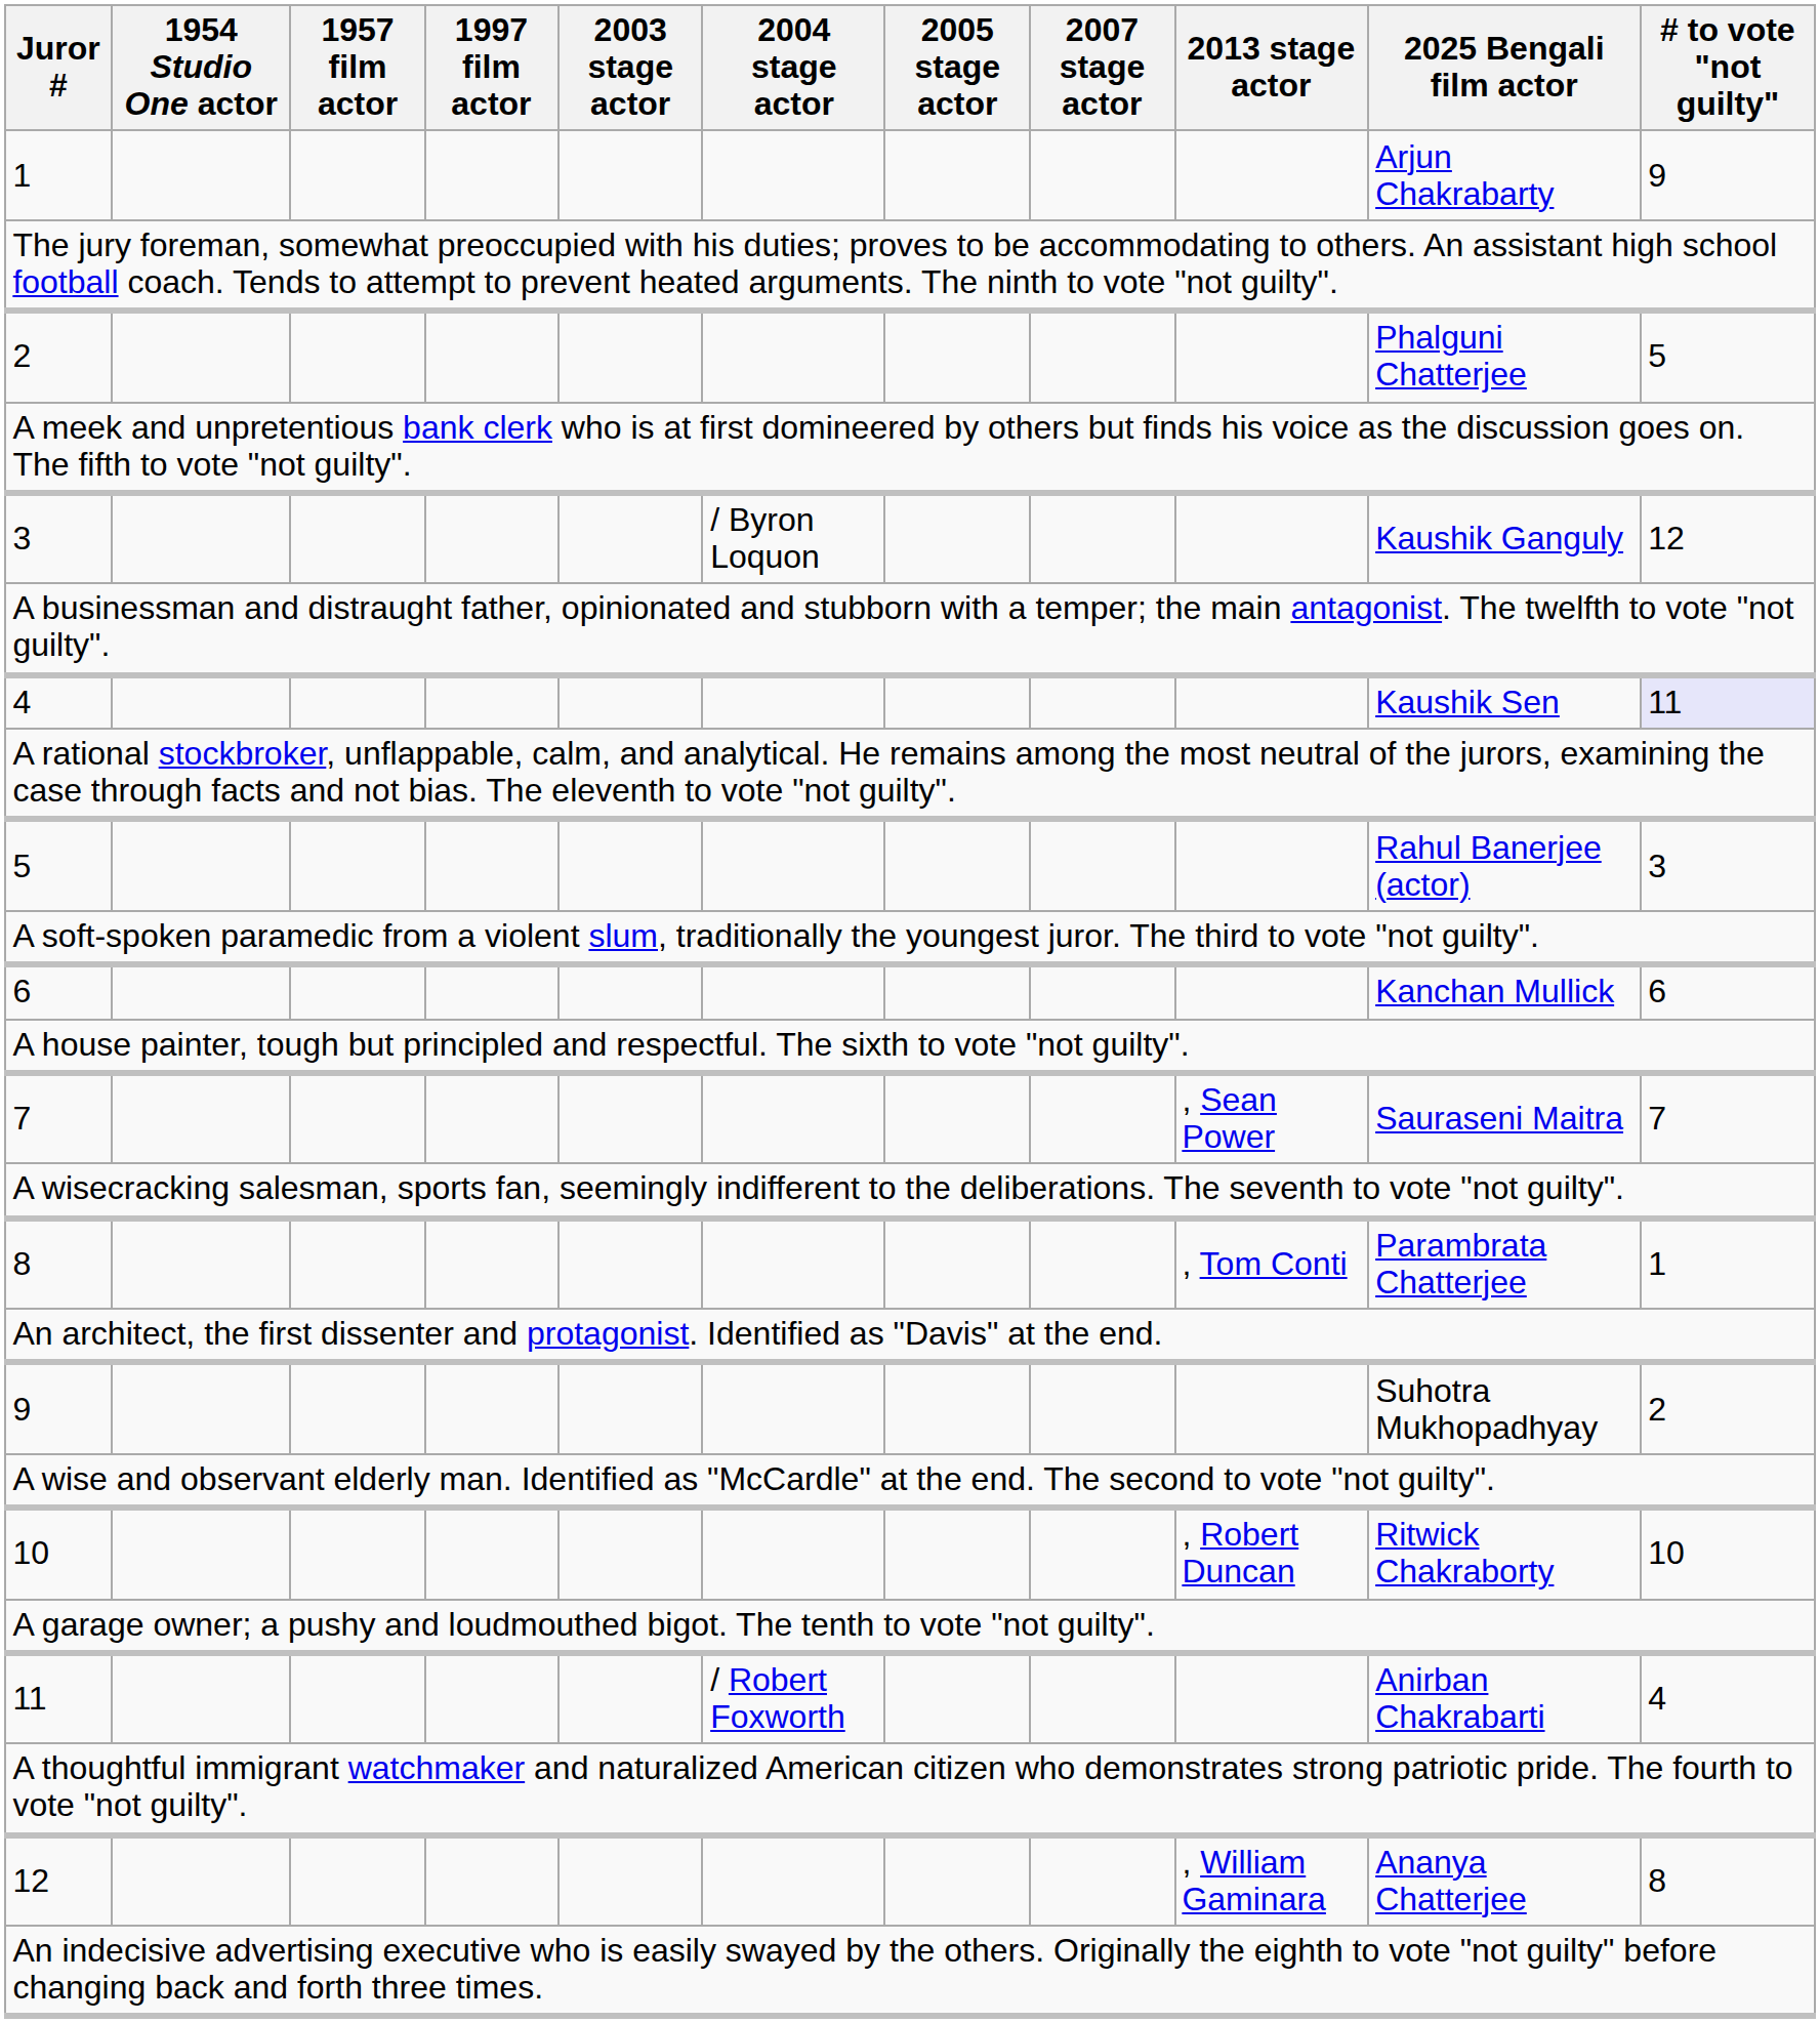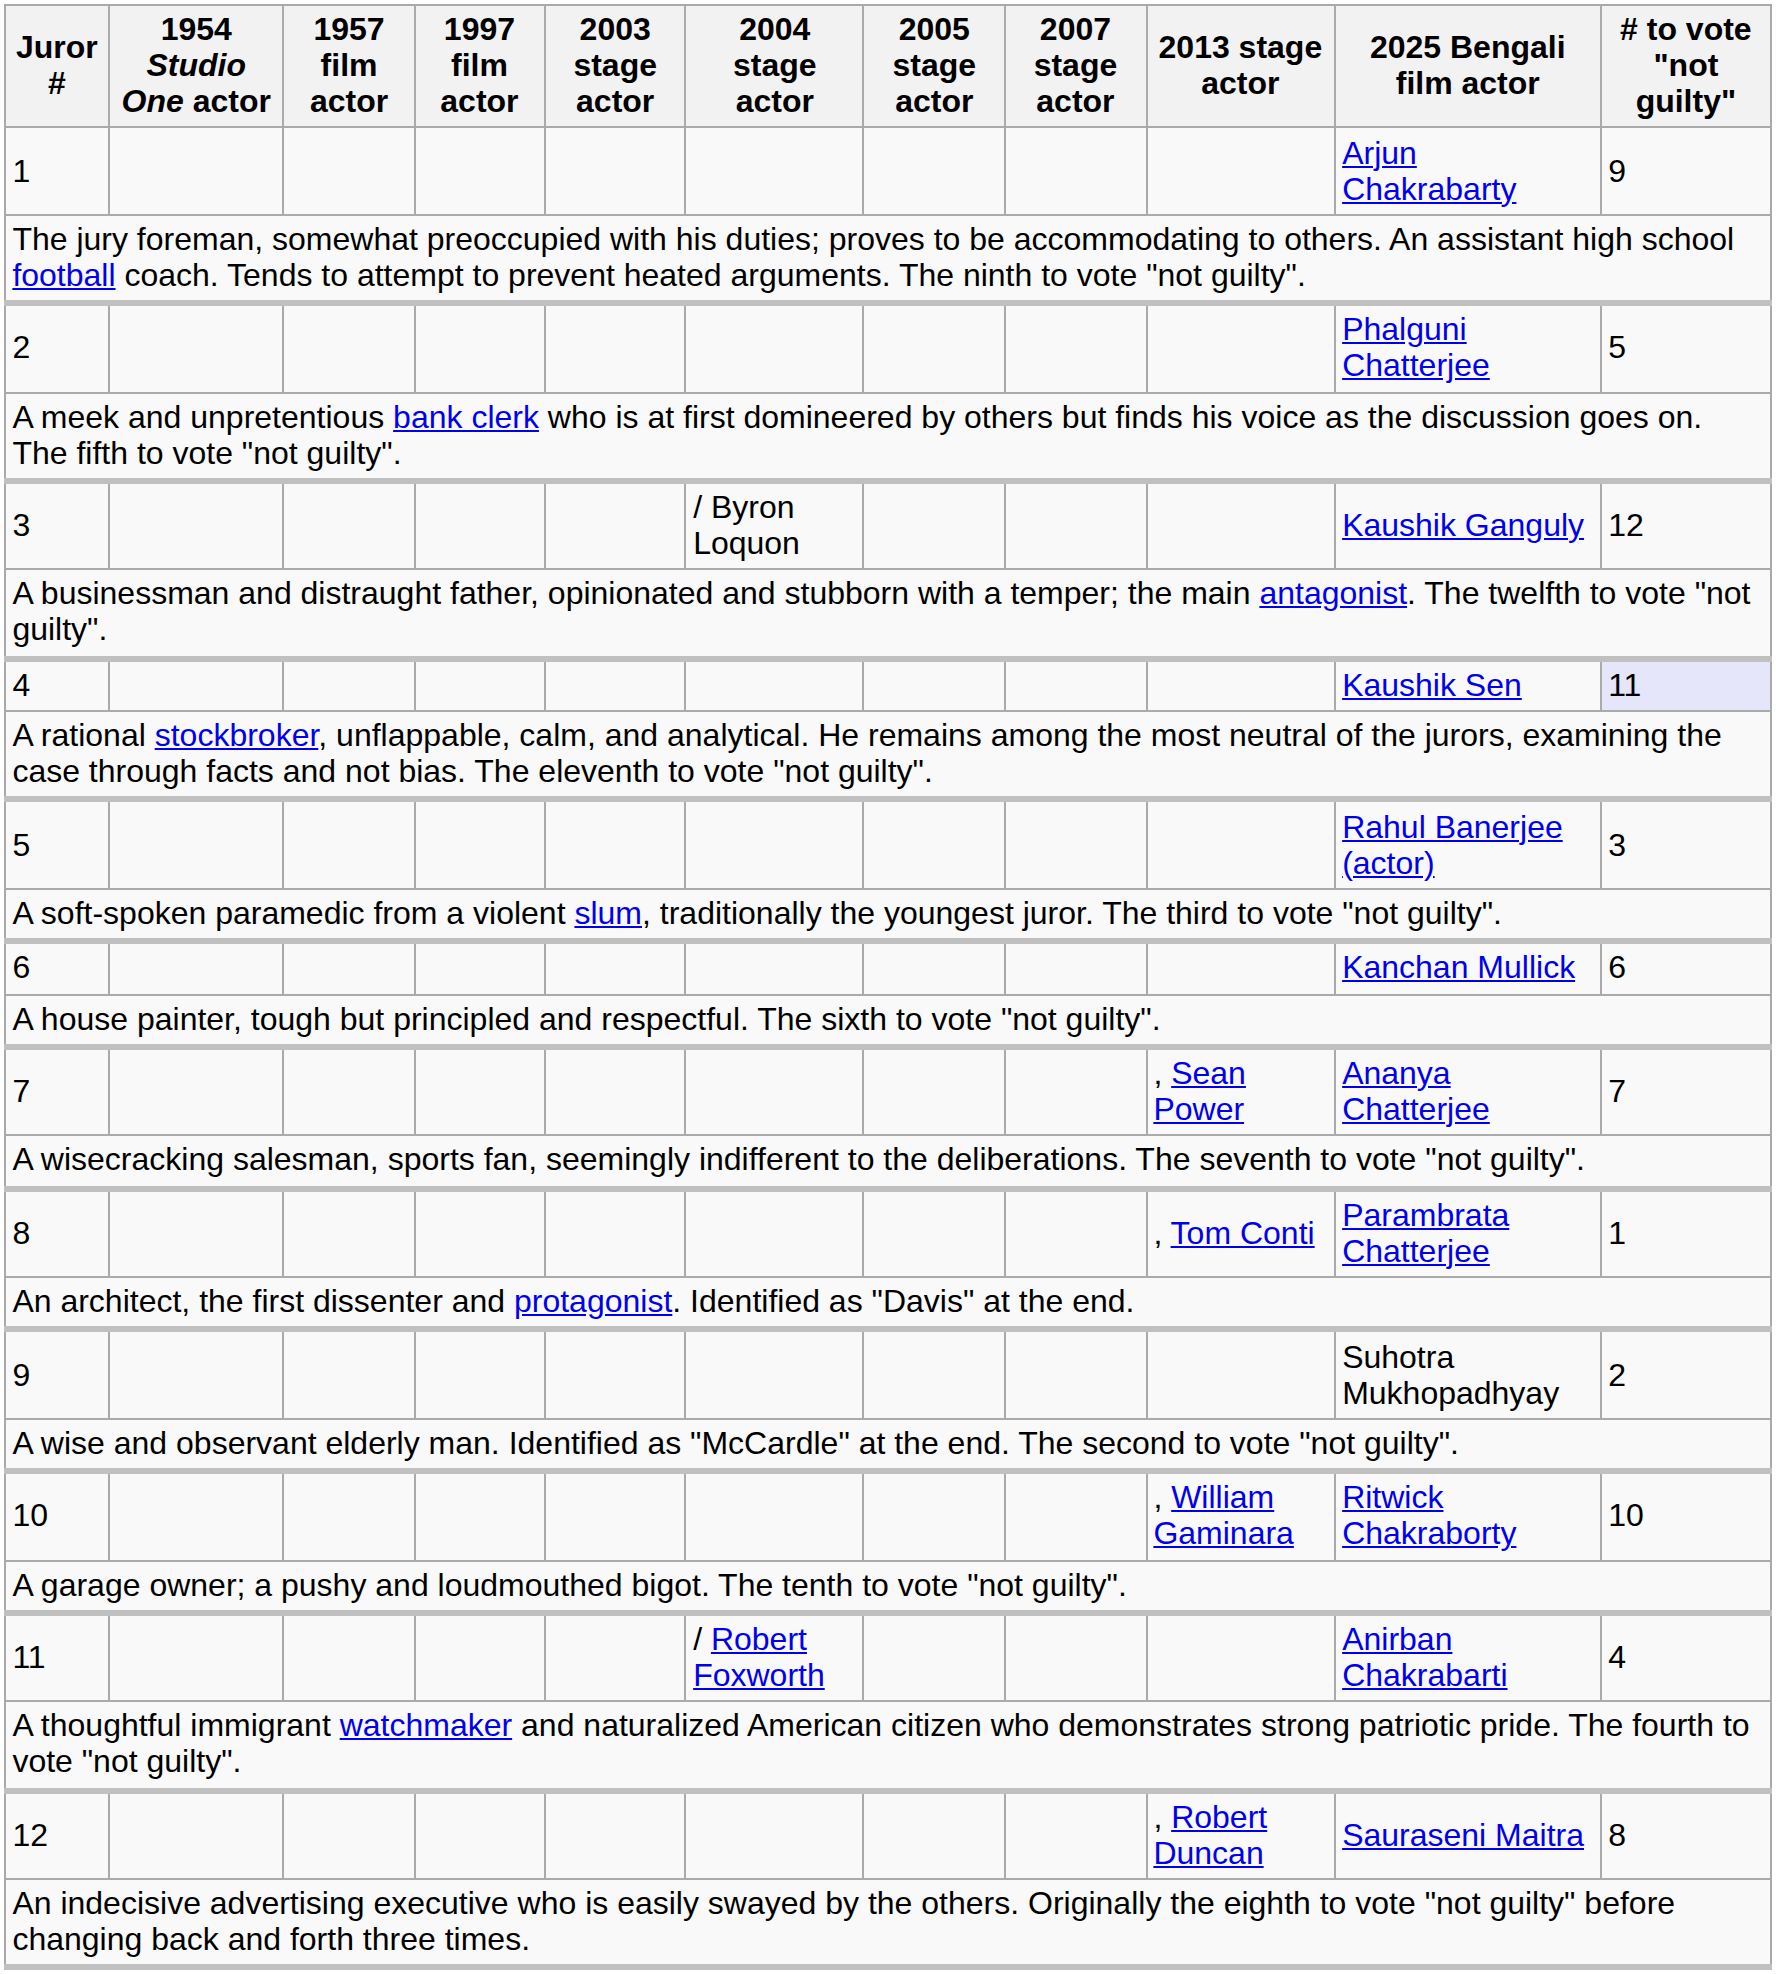 <table class="wikitable sortable" width="100%">
 <tr>
 <th>Juror #</th>
 <th>1954 <em>Studio One</em> actor</th>
 <th>1957 film actor</th>
 <th>1997 film actor</th>
 <th>2003 stage actor</th>
 <th>2004 stage actor</th>
 <th>2005 stage actor</th>
 <th>2007 stage actor</th>
 <th>2013 stage actor</th>
 <th>2025 Bengali film actor</th>
 <th># to vote "not guilty"</th>
 </tr>
 <tr>
 <td>1</td>
 <td></td>
 <td></td>
 <td></td>
 <td></td>
 <td></td>
 <td></td>
 <td></td>
 <td></td>
 <td><a href='#'>Arjun Chakrabarty</a></td>
 <td>9</td>
 </tr>
 <tr class="expand-child" style="border-bottom: 3px solid silver;">
 <td colspan="11">The jury foreman, somewhat preoccupied with his duties; proves to be accommodating to others. An assistant high school <a href='#'>football</a> coach. Tends to attempt to prevent heated arguments. The ninth to vote "not guilty".</td>
 </tr>
 <tr>
 <td>2</td>
 <td></td>
 <td></td>
 <td></td>
 <td></td>
 <td></td>
 <td></td>
 <td></td>
 <td></td>
 <td><a href='#'>Phalguni Chatterjee</a></td>
 <td>5</td>
 </tr>
 <tr class="expand-child" style="border-bottom: 3px solid silver;">
 <td colspan="11">A meek and unpretentious <a href='#'>bank clerk</a> who is at first domineered by others but finds his voice as the discussion goes on. The fifth to vote "not guilty".</td>
 </tr>
 <tr>
 <td>3</td>
 <td></td>
 <td></td>
 <td></td>
 <td></td>
 <td> / Byron Loquon</td>
 <td></td>
 <td></td>
 <td></td>
 <td><a href='#'>Kaushik Ganguly</a></td>
 <td>12</td>
 </tr>
 <tr class="expand-child" style="border-bottom: 3px solid silver;">
 <td colspan="11">A businessman and distraught father, opinionated and stubborn with a temper; the main <a href='#'>antagonist</a>. The twelfth to vote "not guilty".</td>
 </tr>
 <tr>
 <td>4</td>
 <td></td>
 <td></td>
 <td></td>
 <td></td>
 <td></td>
 <td></td>
 <td></td>
 <td></td>
 <td><a href='#'>Kaushik Sen</a></td>
 <td style="background: lavender;">11</td>
 </tr>
 <tr class="expand-child" style="border-bottom: 3px solid silver;">
 <td colspan="11">A rational <a href='#'>stockbroker</a>, unflappable, calm, and analytical. He remains among the most neutral of the jurors, examining the case through facts and not bias. The eleventh to vote "not guilty".</td>
 </tr>
 <tr>
 <td>5</td>
 <td></td>
 <td></td>
 <td></td>
 <td></td>
 <td></td>
 <td></td>
 <td></td>
 <td></td>
 <td><a href='#'>Rahul Banerjee (actor)</a></td>
 <td>3</td>
 </tr>
 <tr class="expand-child" style="border-bottom: 3px solid silver;">
 <td colspan="11">A soft-spoken paramedic from a violent <a href='#'>slum</a>, traditionally the youngest juror. The third to vote "not guilty".</td>
 </tr>
 <tr>
 <td>6</td>
 <td></td>
 <td></td>
 <td></td>
 <td></td>
 <td></td>
 <td></td>
 <td></td>
 <td></td>
 <td><a href='#'>Kanchan Mullick</a></td>
 <td>6</td>
 </tr>
 <tr class="expand-child" style="border-bottom: 3px solid silver;">
 <td colspan="11">A house painter, tough but principled and respectful. The sixth to vote "not guilty".</td>
 </tr>
 <tr>
 <td>7</td>
 <td></td>
 <td></td>
 <td></td>
 <td></td>
 <td></td>
 <td></td>
 <td></td>
 <td>, <a href='#'>Sean Power</a></td>
-<td><a href='#'>Sauraseni Maitra</a></td>
+<td><a href='#'>Ananya Chatterjee</a></td>
 <td>7</td>
 </tr>
 <tr class="expand-child" style="border-bottom: 3px solid silver;">
 <td colspan="11">A wisecracking salesman, sports fan, seemingly indifferent to the deliberations. The seventh to vote "not guilty".</td>
 </tr>
 <tr>
 <td>8</td>
 <td></td>
 <td></td>
 <td></td>
 <td></td>
 <td></td>
 <td></td>
 <td></td>
 <td>, <a href='#'>Tom Conti</a></td>
 <td><a href='#'>Parambrata Chatterjee</a></td>
 <td>1</td>
 </tr>
 <tr class="expand-child" style="border-bottom: 3px solid silver;">
 <td colspan="11">An architect, the first dissenter and <a href='#'>protagonist</a>. Identified as "Davis" at the end.</td>
 </tr>
 <tr>
 <td>9</td>
 <td></td>
 <td></td>
 <td></td>
 <td></td>
 <td></td>
 <td></td>
 <td></td>
 <td></td>
 <td>Suhotra Mukhopadhyay</td>
 <td>2</td>
 </tr>
 <tr class="expand-child" style="border-bottom: 3px solid silver;">
 <td colspan="11">A wise and observant elderly man. Identified as "McCardle" at the end. The second to vote "not guilty".</td>
 </tr>
 <tr>
 <td>10</td>
 <td></td>
 <td></td>
 <td></td>
 <td></td>
 <td></td>
 <td></td>
 <td></td>
-<td>, <a href='#'>Robert Duncan</a></td>
+<td>, <a href='#'>William Gaminara</a></td>
 <td><a href='#'>Ritwick Chakraborty</a></td>
 <td>10</td>
 </tr>
 <tr class="expand-child" style="border-bottom: 3px solid silver;">
 <td colspan="11">A garage owner; a pushy and loudmouthed bigot. The tenth to vote "not guilty".</td>
 </tr>
 <tr>
 <td>11</td>
 <td></td>
 <td></td>
 <td></td>
 <td></td>
 <td> / <a href='#'>Robert Foxworth</a></td>
 <td></td>
 <td></td>
 <td></td>
 <td><a href='#'>Anirban Chakrabarti</a></td>
 <td>4</td>
 </tr>
 <tr class="expand-child" style="border-bottom: 3px solid silver;">
 <td colspan="11">A thoughtful immigrant <a href='#'>watchmaker</a> and naturalized American citizen who demonstrates strong patriotic pride. The fourth to vote "not guilty".</td>
 </tr>
 <tr>
 <td>12</td>
 <td></td>
 <td></td>
 <td></td>
 <td></td>
 <td></td>
 <td></td>
 <td></td>
-<td>, <a href='#'>William Gaminara</a></td>
-<td><a href='#'>Ananya Chatterjee</a></td>
+<td>, <a href='#'>Robert Duncan</a></td>
+<td><a href='#'>Sauraseni Maitra</a></td>
 <td>8</td>
 </tr>
 <tr class="expand-child" style="border-bottom: 3px solid silver;">
 <td colspan="11">An indecisive advertising executive who is easily swayed by the others. Originally the eighth to vote "not guilty" before changing back and forth three times.</td>
 </tr>
 </table>
